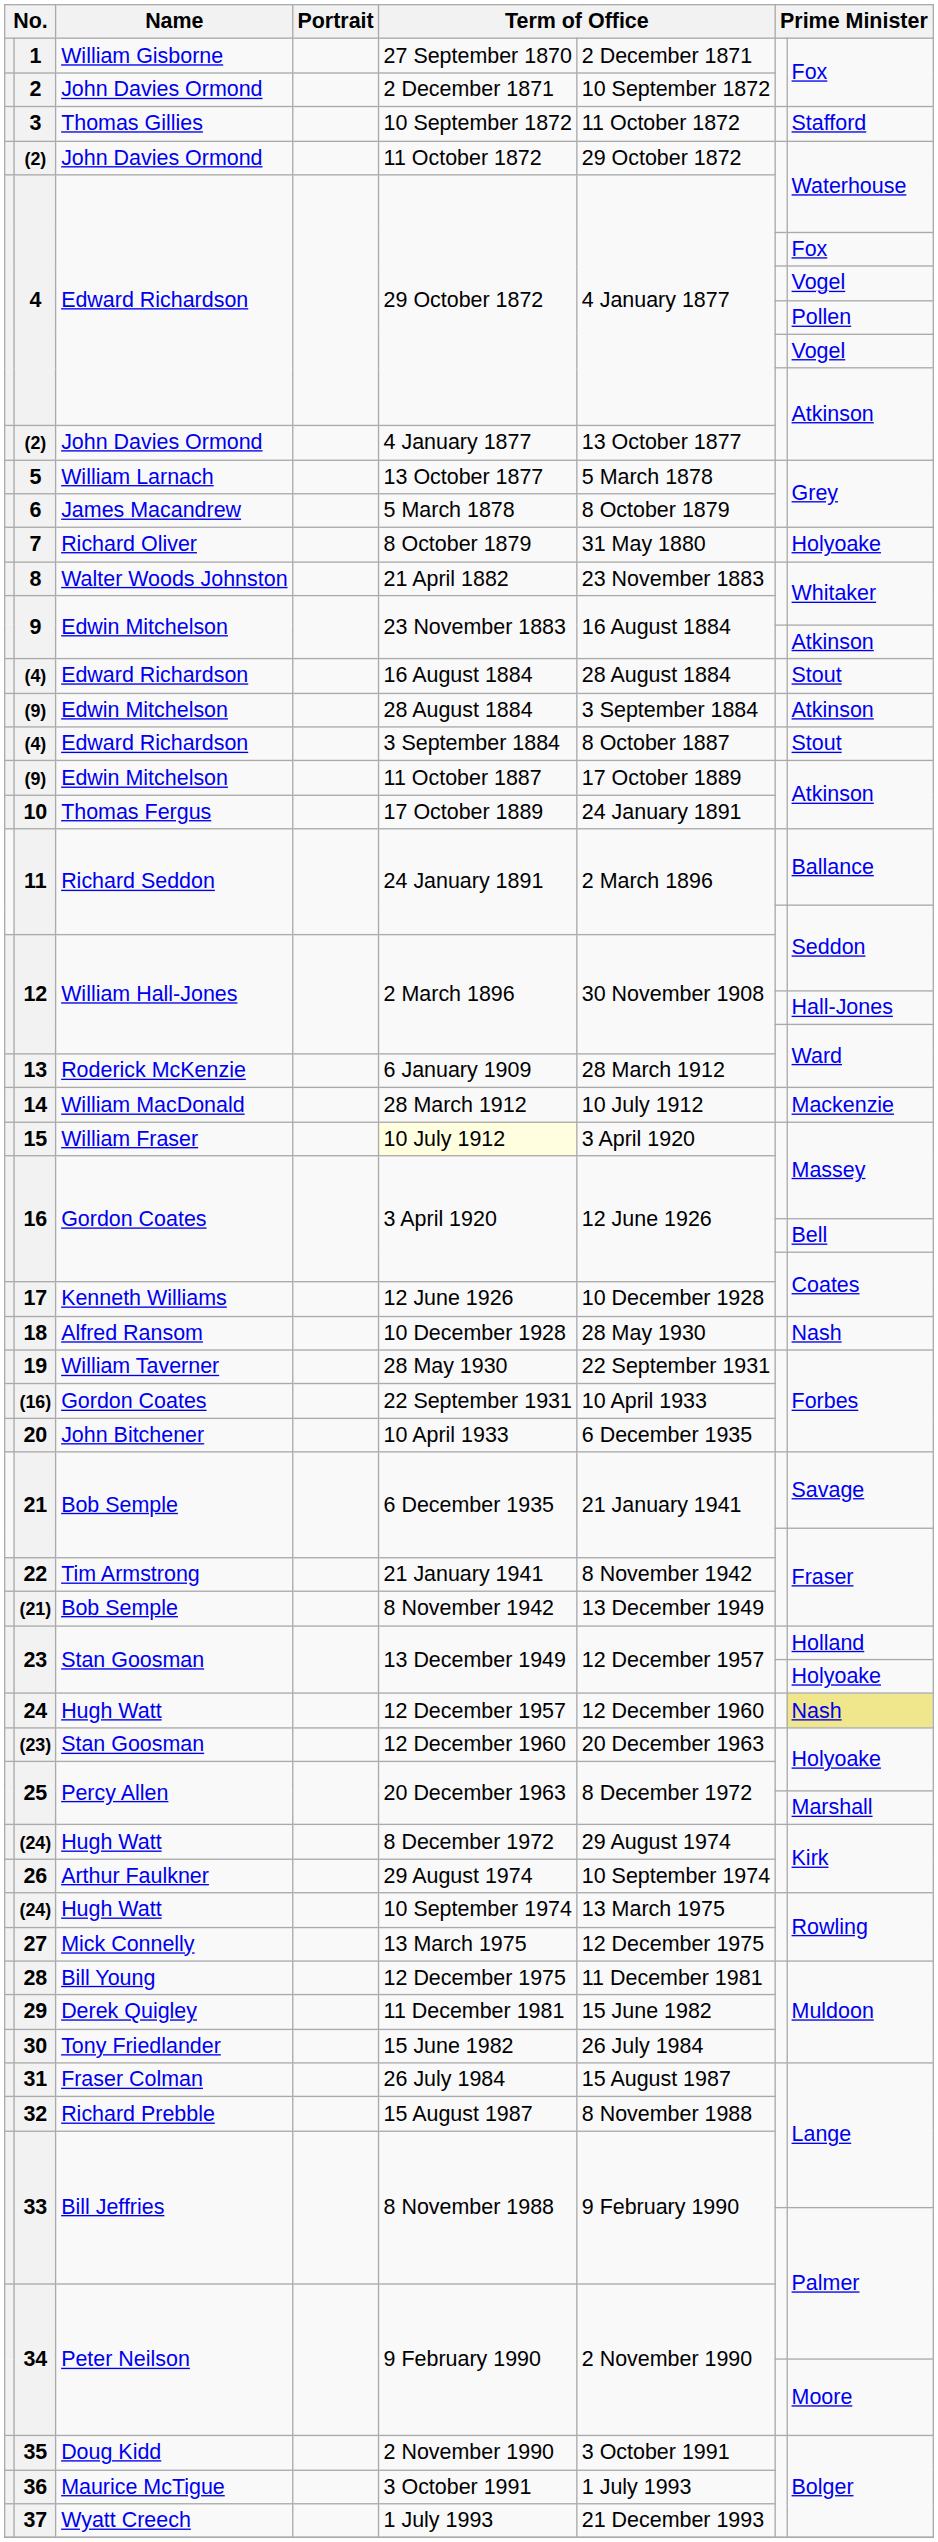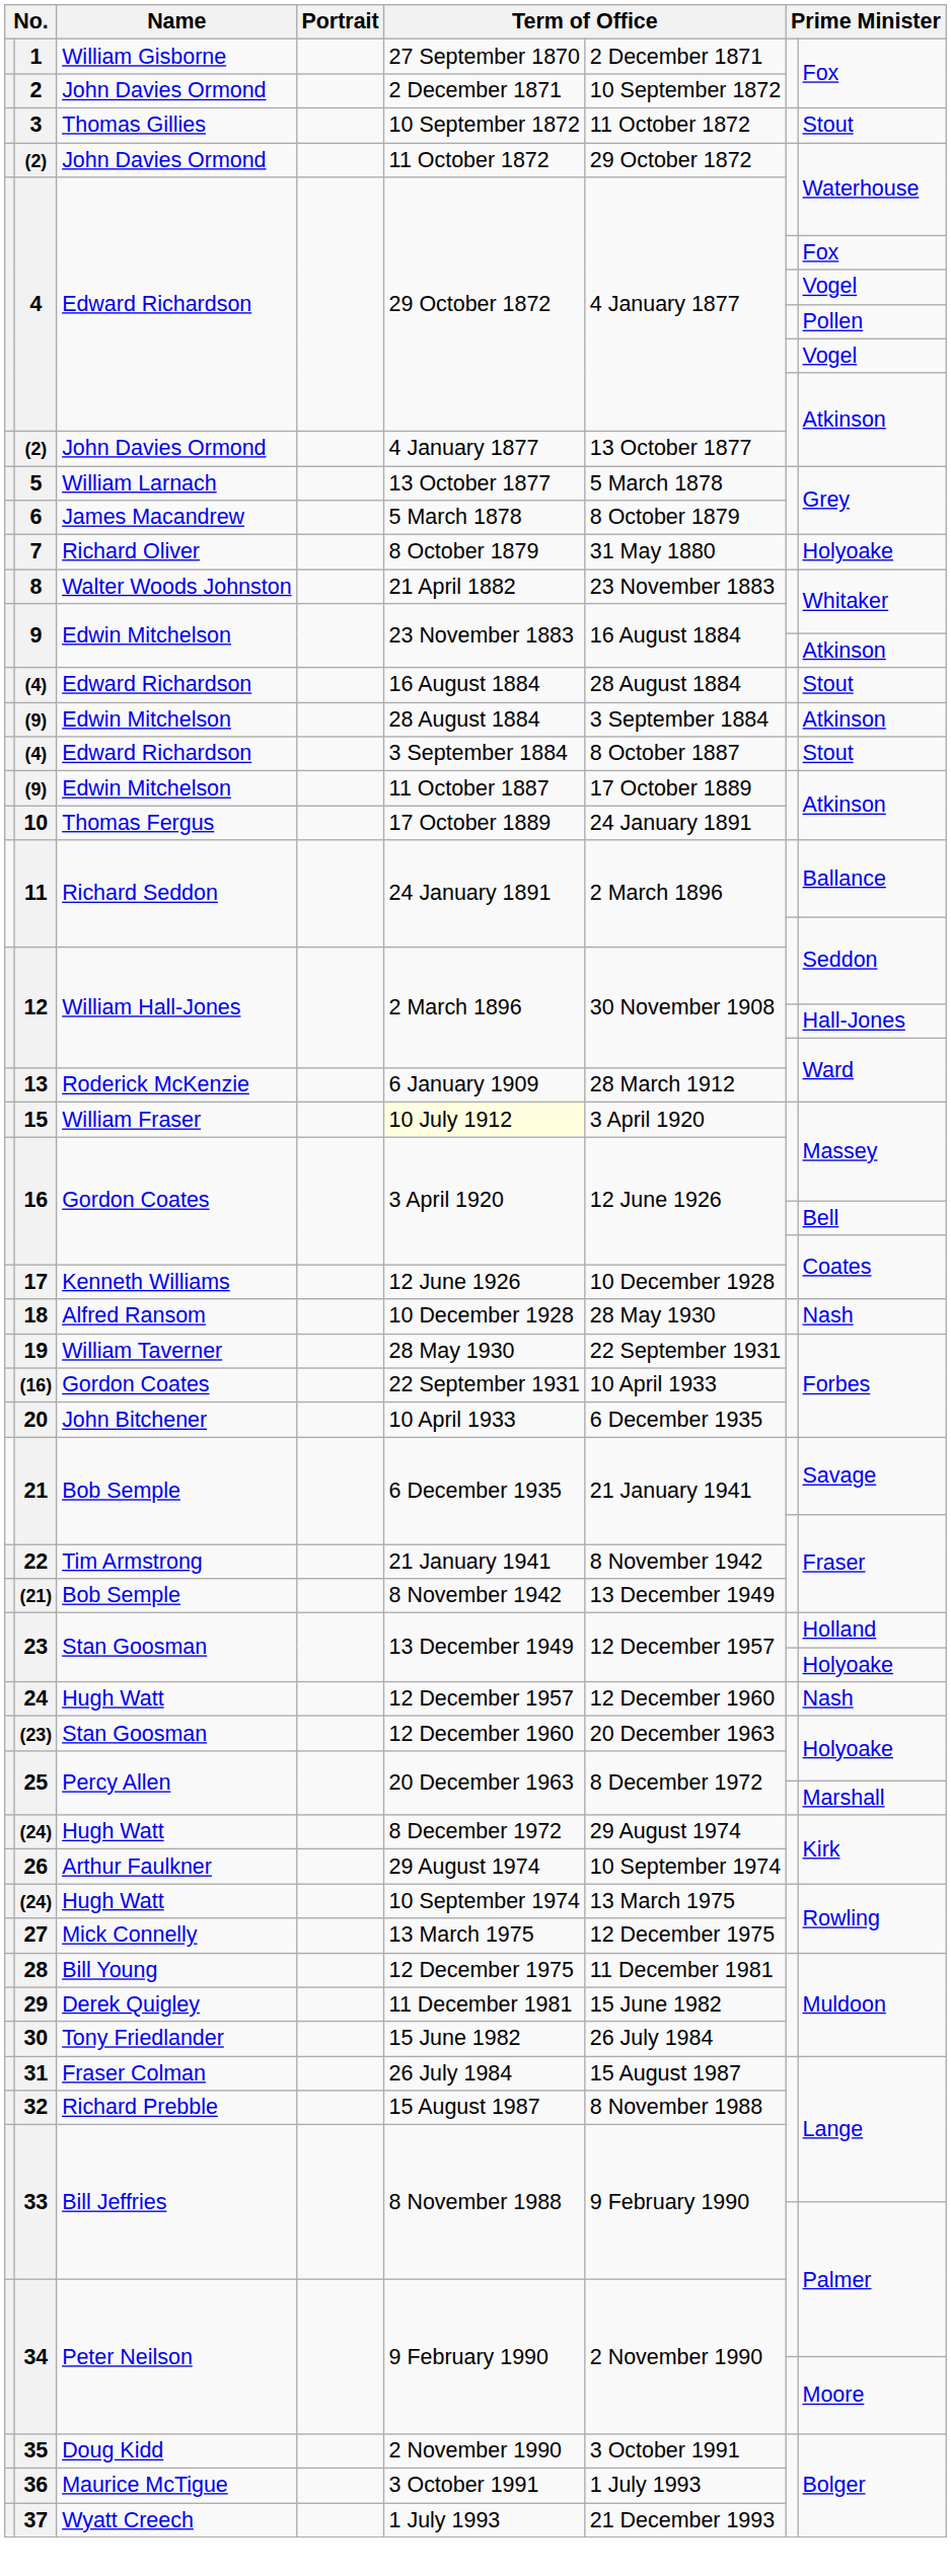 <table class="wikitable">
 <tr>
 <th colspan=2>No.</th>
 <th>Name</th>
 <th>Portrait</th>
 <th colspan=2>Term of Office</th>
 <th colspan=2>Prime Minister</th>
 </tr>
 <tr>
 <th style="color:inherit;background:"></th>
 <th>1</th>
 <td><a href='#'>William Gisborne</a></td>
 <td></td>
 <td>27 September 1870</td>
 <td>2 December 1871</td>
 <td rowspan=2 style="color:inherit;background:"></td>
 <td rowspan=2><a href='#'>Fox</a></td>
 </tr>
 <tr>
 <th style="color:inherit;background:"></th>
 <th>2</th>
 <td><a href='#'>John Davies Ormond</a></td>
 <td></td>
 <td>2 December 1871</td>
 <td>10 September 1872</td>
 </tr>
 <tr>
 <th style="color:inherit;background:"></th>
 <th>3</th>
 <td><a href='#'>Thomas Gillies</a></td>
 <td></td>
 <td>10 September 1872</td>
 <td>11 October 1872</td>
 <td style="color:inherit;background:"></td>
-<td><a href='#'>Stafford</a></td>
+<td><a href='#'>Stout</a></td>
 </tr>
 <tr>
 <th style="color:inherit;background:"></th>
 <th><small>(2)</small></th>
 <td><a href='#'>John Davies Ormond</a></td>
 <td></td>
 <td>11 October 1872</td>
 <td>29 October 1872</td>
 <td style="border-bottom:solid 0 grey; background:"></td>
 <td rowspan=2><a href='#'>Waterhouse</a></td>
 </tr>
 <tr>
 <th rowspan=6 style="color:inherit;background:"></th>
 <th rowspan=6>4</th>
 <td rowspan=6><a href='#'>Edward Richardson</a></td>
 <td rowspan=6></td>
 <td rowspan=6>29 October 1872</td>
 <td rowspan=6>4 January 1877</td>
 <td height=36 style="border-top:solid 0 grey; background:"></td>
 </tr>
 <tr>
 <td style="color:inherit;background:"></td>
 <td><a href='#'>Fox</a></td>
 </tr>
 <tr>
 <td style="color:inherit;background:"></td>
 <td><a href='#'>Vogel</a></td>
 </tr>
 <tr>
 <td style="color:inherit;background:"></td>
 <td><a href='#'>Pollen</a></td>
 </tr>
 <tr>
 <td style="color:inherit;background:"></td>
 <td><a href='#'>Vogel</a></td>
 </tr>
 <tr>
 <td height=36 style="border-bottom:solid 0 grey; background:"></td>
 <td rowspan=2><a href='#'>Atkinson</a></td>
 </tr>
 <tr>
 <th style="color:inherit;background:"></th>
 <th><small>(2)</small></th>
 <td><a href='#'>John Davies Ormond</a></td>
 <td></td>
 <td>4 January 1877</td>
 <td>13 October 1877</td>
 <td style="border-top:solid 0 grey; background:"></td>
 </tr>
 <tr>
 <th style="color:inherit;background:"></th>
 <th>5</th>
 <td><a href='#'>William Larnach</a></td>
 <td></td>
 <td>13 October 1877</td>
 <td>5 March 1878</td>
 <td rowspan=2 style="color:inherit;background:"></td>
 <td rowspan=2><a href='#'>Grey</a></td>
 </tr>
 <tr>
 <th style="color:inherit;background:"></th>
 <th>6</th>
 <td><a href='#'>James Macandrew</a></td>
 <td></td>
 <td>5 March 1878</td>
 <td>8 October 1879</td>
 </tr>
 <tr>
 <th style="color:inherit;background:"></th>
 <th>7</th>
 <td><a href='#'>Richard Oliver</a></td>
 <td></td>
 <td>8 October 1879</td>
 <td>31 May 1880</td>
 <td style="color:inherit;background:"></td>
 <td><a href='#'>Holyoake</a></td>
 </tr>
 <tr>
 <th style="color:inherit;background:"></th>
 <th>8</th>
 <td><a href='#'>Walter Woods Johnston</a></td>
 <td></td>
 <td>21 April 1882</td>
 <td>23 November 1883</td>
 <td rowspan=2 style="color:inherit;background:"></td>
 <td rowspan=2><a href='#'>Whitaker</a></td>
 </tr>
 <tr>
 <th height=15 style="border-bottom:solid 0 grey; background:"></th>
 <th rowspan=2>9</th>
 <td rowspan=2><a href='#'>Edwin Mitchelson</a></td>
 <td rowspan=2></td>
 <td rowspan=2>23 November 1883</td>
 <td rowspan=2>16 August 1884</td>
 </tr>
 <tr>
 <th height=15 style="border-top:solid 0 grey; background:"></th>
 <td style="color:inherit;background:"></td>
 <td><a href='#'>Atkinson</a></td>
 </tr>
 <tr>
 <th style="color:inherit;background:"></th>
 <th><small>(4)</small></th>
 <td><a href='#'>Edward Richardson</a></td>
 <td></td>
 <td>16 August 1884</td>
 <td>28 August 1884</td>
 <td style="color:inherit;background:"></td>
 <td><a href='#'>Stout</a></td>
 </tr>
 <tr>
 <th style="color:inherit;background:"></th>
 <th><small>(9)</small></th>
 <td><a href='#'>Edwin Mitchelson</a></td>
 <td></td>
 <td>28 August 1884</td>
 <td>3 September 1884</td>
 <td style="color:inherit;background:"></td>
 <td><a href='#'>Atkinson</a></td>
 </tr>
 <tr>
 <th style="color:inherit;background:"></th>
 <th><small>(4)</small></th>
 <td><a href='#'>Edward Richardson</a></td>
 <td></td>
 <td>3 September 1884</td>
 <td>8 October 1887</td>
 <td style="color:inherit;background:"></td>
 <td><a href='#'>Stout</a></td>
 </tr>
 <tr>
 <th style="color:inherit;background:"></th>
 <th><small>(9)</small></th>
 <td><a href='#'>Edwin Mitchelson</a></td>
 <td></td>
 <td>11 October 1887</td>
 <td>17 October 1889</td>
 <td rowspan=2 style="color:inherit;background:"></td>
 <td rowspan=2><a href='#'>Atkinson</a></td>
 </tr>
 <tr>
 <th style="color:inherit;background:"></th>
 <th>10</th>
 <td><a href='#'>Thomas Fergus</a></td>
 <td></td>
 <td>17 October 1889</td>
 <td>24 January 1891</td>
 </tr>
 <tr>
 <td height=50 style="border-bottom:solid 0 grey; background:"></td>
 <th rowspan=2>11</th>
 <td rowspan=2><a href='#'>Richard Seddon</a></td>
 <td rowspan=2></td>
 <td rowspan=2>24 January 1891</td>
 <td rowspan=2>2 March 1896</td>
 <td style="color:inherit;background:"></td>
 <td><a href='#'>Ballance</a></td>
 </tr>
 <tr>
 <td height=15 style="border-top:solid 0 grey; background:"></td>
 <td style="border-bottom:solid 0 grey; background:"></td>
 <td rowspan=2><a href='#'>Seddon</a></td>
 </tr>
 <tr>
 <th rowspan=3 style="color:inherit;background:"></th>
 <th rowspan=3>12</th>
 <td rowspan=3><a href='#'>William Hall-Jones</a></td>
 <td rowspan=3></td>
 <td rowspan=3>2 March 1896</td>
 <td rowspan=3>30 November 1908</td>
 <td height=35 style="border-top:solid 0 grey; background:"></td>
 </tr>
 <tr>
 <td height=15 style="color:inherit;background:"></td>
 <td><a href='#'>Hall-Jones</a></td>
 </tr>
 <tr>
 <td height=15 style="border-bottom:solid 0 grey; background:"></td>
 <td rowspan=2><a href='#'>Ward</a></td>
 </tr>
 <tr>
 <th style="color:inherit;background:"></th>
 <th>13</th>
 <td><a href='#'>Roderick McKenzie</a></td>
 <td></td>
 <td>6 January 1909</td>
 <td>28 March 1912</td>
 <td style="border-top:solid 0 grey; background:"></td>
 </tr>
 <tr>
 <th style="color:inherit;background:"></th>
-<th>14</th>
-<td><a href='#'>William MacDonald</a></td>
-<td></td>
-<td>28 March 1912</td>
-<td>10 July 1912</td>
-<td style="color:inherit;background:"></td>
-<td><a href='#'>Mackenzie</a></td>
-</tr>
-<tr>
-<th style="color:inherit;background:"></th>
 <th>15</th>
 <td><a href='#'>William Fraser</a></td>
 <td></td>
 <td style="background: lightyellow;">10 July 1912</td>
 <td>3 April 1920</td>
 <td style="border-bottom:solid 0 grey; background:"></td>
 <td rowspan=2><a href='#'>Massey</a></td>
 </tr>
 <tr>
 <th rowspan=3 style="color:inherit;background:"></th>
 <th rowspan=3>16</th>
 <td rowspan=3><a href='#'>Gordon Coates</a></td>
 <td rowspan=3></td>
 <td rowspan=3>3 April 1920</td>
 <td rowspan=3>12 June 1926</td>
 <td height=40 style="border-top:solid 0 grey; background:"></td>
 </tr>
 <tr>
 <td height=15 style="color:inherit;background:"></td>
 <td><a href='#'>Bell</a></td>
 </tr>
 <tr>
 <td height=15 style="border-bottom:solid 0 grey; background:"></td>
 <td rowspan=2><a href='#'>Coates</a></td>
 </tr>
 <tr>
 <th style="color:inherit;background:"></th>
 <th>17</th>
 <td><a href='#'>Kenneth Williams</a></td>
 <td></td>
 <td>12 June 1926</td>
 <td>10 December 1928</td>
 <td style="border-top:solid 0 grey; background:"></td>
 </tr>
 <tr>
 <th style="color:inherit;background:"></th>
 <th>18</th>
 <td><a href='#'>Alfred Ransom</a></td>
 <td></td>
 <td>10 December 1928</td>
 <td>28 May 1930</td>
 <td style="color:inherit;background:"></td>
 <td><a href='#'>Nash</a></td>
 </tr>
 <tr>
 <th style="color:inherit;background:"></th>
 <th>19</th>
 <td><a href='#'>William Taverner</a></td>
 <td></td>
 <td>28 May 1930</td>
 <td>22 September 1931</td>
 <td rowspan=3 style="color:inherit;background:"></td>
 <td rowspan=3><a href='#'>Forbes</a></td>
 </tr>
 <tr>
 <th style="color:inherit;background:"></th>
 <th><small>(16)</small></th>
 <td><a href='#'>Gordon Coates</a></td>
 <td></td>
 <td>22 September 1931</td>
 <td>10 April 1933</td>
 </tr>
 <tr>
 <th style="color:inherit;background:"></th>
 <th>20</th>
 <td><a href='#'>John Bitchener</a></td>
 <td></td>
 <td>10 April 1933</td>
 <td>6 December 1935</td>
 </tr>
 <tr>
 <td height=50 style="border-bottom:solid 0 grey; background:"></td>
 <th rowspan=2>21</th>
 <td rowspan=2><a href='#'>Bob Semple</a></td>
 <td rowspan=2></td>
 <td rowspan=2>6 December 1935</td>
 <td rowspan=2>21 January 1941</td>
 <td style="color:inherit;background:"></td>
 <td><a href='#'>Savage</a></td>
 </tr>
 <tr>
 <td height=15 style="border-top:solid 0 grey; background:"></td>
 <td style="border-bottom:solid 0 grey; background:"></td>
 <td rowspan=3><a href='#'>Fraser</a></td>
 </tr>
 <tr>
 <th style="color:inherit;background:"></th>
 <th>22</th>
 <td><a href='#'>Tim Armstrong</a></td>
 <td></td>
 <td>21 January 1941</td>
 <td>8 November 1942</td>
 <td rowspan=2 style="border-top:solid 0 grey; background:"></td>
 </tr>
 <tr>
 <th style="color:inherit;background:"></th>
 <th><small>(21)</small></th>
 <td><a href='#'>Bob Semple</a></td>
 <td></td>
 <td>8 November 1942</td>
 <td>13 December 1949</td>
 </tr>
 <tr>
 <th rowspan=2 style="color:inherit;background:"></th>
 <th rowspan=2>23</th>
 <td rowspan=2><a href='#'>Stan Goosman</a></td>
 <td rowspan=2></td>
 <td rowspan=2>13 December 1949</td>
 <td rowspan=2>12 December 1957</td>
 <td style="color:inherit;background:"></td>
 <td><a href='#'>Holland</a></td>
 </tr>
 <tr>
 <td style="color:inherit;background:"></td>
 <td><a href='#'>Holyoake</a></td>
 </tr>
 <tr>
 <th style="color:inherit;background:"></th>
 <th>24</th>
 <td><a href='#'>Hugh Watt</a></td>
 <td></td>
 <td>12 December 1957</td>
 <td>12 December 1960</td>
 <td style="color:inherit;background:"></td>
-<td style="background: khaki;"><a href='#'>Nash</a></td>
+<td><a href='#'>Nash</a></td>
 </tr>
 <tr>
 <th style="color:inherit;background:"></th>
 <th><small>(23)</small></th>
 <td><a href='#'>Stan Goosman</a></td>
 <td></td>
 <td>12 December 1960</td>
 <td>20 December 1963</td>
 <td rowspan=2 style="color:inherit;background:"></td>
 <td rowspan=2><a href='#'>Holyoake</a></td>
 </tr>
 <tr>
 <th height=15 style="border-bottom:solid 0 grey; background:"></th>
 <th rowspan=2>25</th>
 <td rowspan=2><a href='#'>Percy Allen</a></td>
 <td rowspan=2></td>
 <td rowspan=2>20 December 1963</td>
 <td rowspan=2>8 December 1972</td>
 </tr>
 <tr>
 <th height=15 style="border-top:solid 0 grey; background:"></th>
 <td style="color:inherit;background:"></td>
 <td><a href='#'>Marshall</a></td>
 </tr>
 <tr>
 <th style="color:inherit;background:"></th>
 <th><small>(24)</small></th>
 <td><a href='#'>Hugh Watt</a></td>
 <td></td>
 <td>8 December 1972</td>
 <td>29 August 1974</td>
 <td rowspan=2 style="color:inherit;background:"></td>
 <td rowspan=2><a href='#'>Kirk</a></td>
 </tr>
 <tr>
 <th style="color:inherit;background:"></th>
 <th>26</th>
 <td><a href='#'>Arthur Faulkner</a></td>
 <td></td>
 <td>29 August 1974</td>
 <td>10 September 1974</td>
 </tr>
 <tr>
 <th style="color:inherit;background:"></th>
 <th><small>(24)</small></th>
 <td><a href='#'>Hugh Watt</a></td>
 <td></td>
 <td>10 September 1974</td>
 <td>13 March 1975</td>
 <td rowspan=2 style="color:inherit;background:"></td>
 <td rowspan=2><a href='#'>Rowling</a></td>
 </tr>
 <tr>
 <th style="color:inherit;background:"></th>
 <th>27</th>
 <td><a href='#'>Mick Connelly</a></td>
 <td></td>
 <td>13 March 1975</td>
 <td>12 December 1975</td>
 </tr>
 <tr>
 <th style="color:inherit;background:"></th>
 <th>28</th>
 <td><a href='#'>Bill Young</a></td>
 <td></td>
 <td>12 December 1975</td>
 <td>11 December 1981</td>
 <td rowspan=3 style="color:inherit;background:"></td>
 <td rowspan=3><a href='#'>Muldoon</a></td>
 </tr>
 <tr>
 <th style="color:inherit;background:"></th>
 <th>29</th>
 <td><a href='#'>Derek Quigley</a></td>
 <td></td>
 <td>11 December 1981</td>
 <td>15 June 1982</td>
 </tr>
 <tr>
 <th style="color:inherit;background:"></th>
 <th>30</th>
 <td><a href='#'>Tony Friedlander</a></td>
 <td></td>
 <td>15 June 1982</td>
 <td>26 July 1984</td>
 </tr>
 <tr>
 <th style="color:inherit;background:"></th>
 <th>31</th>
 <td><a href='#'>Fraser Colman</a></td>
 <td></td>
 <td>26 July 1984</td>
 <td>15 August 1987</td>
 <td rowspan=3 style="color:inherit;background:"></td>
 <td rowspan=3><a href='#'>Lange</a></td>
 </tr>
 <tr>
 <th style="color:inherit;background:"></th>
 <th>32</th>
 <td><a href='#'>Richard Prebble</a></td>
 <td></td>
 <td>15 August 1987</td>
 <td>8 November 1988</td>
 </tr>
 <tr>
 <th height=50 style="border-bottom:solid 0 grey; background:"></th>
 <th rowspan=2>33</th>
 <td rowspan=2><a href='#'>Bill Jeffries</a></td>
 <td rowspan=2></td>
 <td rowspan=2>8 November 1988</td>
 <td rowspan=2>9 February 1990</td>
 </tr>
 <tr>
 <th height=50 style="border-top:solid 0 grey; background:"></th>
 <td rowspan=2 style="color:inherit;background:"></td>
 <td rowspan=2><a href='#'>Palmer</a></td>
 </tr>
 <tr>
 <th height=50 style="border-bottom:solid 0 grey; background:"></th>
 <th rowspan=2>34</th>
 <td rowspan=2><a href='#'>Peter Neilson</a></td>
 <td rowspan=2></td>
 <td rowspan=2>9 February 1990</td>
 <td rowspan=2>2 November 1990</td>
 </tr>
 <tr>
 <th height=50 style="border-top:solid 0 grey; background:"></th>
 <td style="color:inherit;background:"></td>
 <td><a href='#'>Moore</a></td>
 </tr>
 <tr>
 <th style="color:inherit;background:"></th>
 <th>35</th>
 <td><a href='#'>Doug Kidd</a></td>
 <td></td>
 <td>2 November 1990</td>
 <td>3 October 1991</td>
 <td rowspan=3 style="color:inherit;background:"></td>
 <td rowspan=3><a href='#'>Bolger</a></td>
 </tr>
 <tr>
 <th style="color:inherit;background:"></th>
 <th>36</th>
 <td><a href='#'>Maurice McTigue</a></td>
 <td></td>
 <td>3 October 1991</td>
 <td>1 July 1993</td>
 </tr>
 <tr>
 <th style="color:inherit;background:"></th>
 <th>37</th>
 <td><a href='#'>Wyatt Creech</a></td>
 <td></td>
 <td>1 July 1993</td>
 <td>21 December 1993</td>
 </tr>
 <tr>
 </tr>
 </table>
